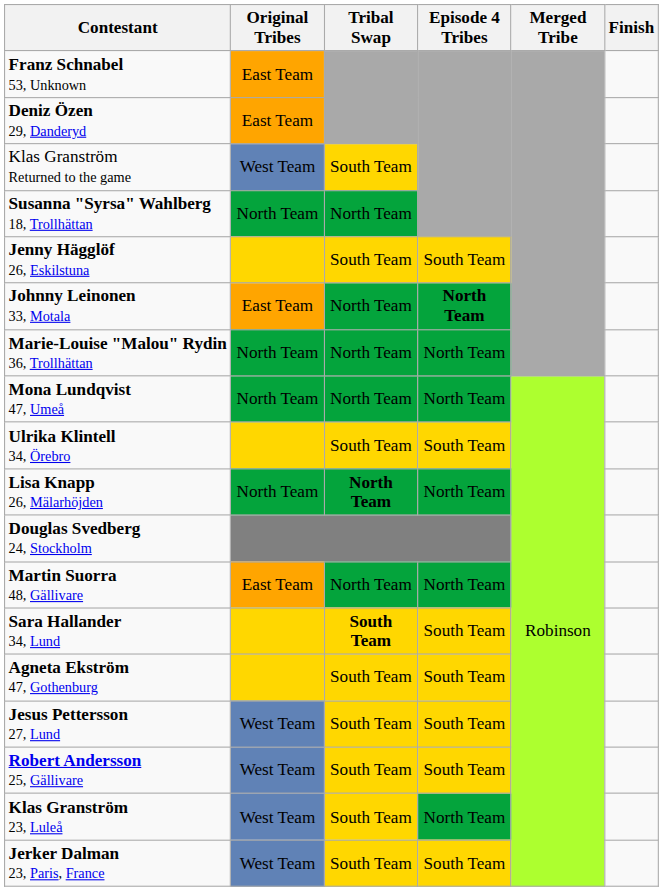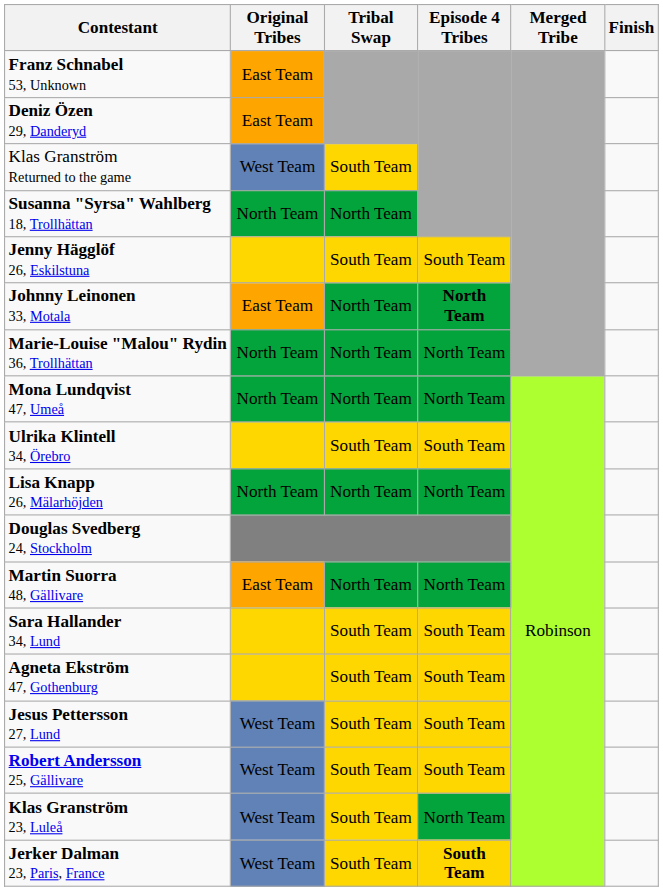 <table class="wikitable sortable" style="margin:auto; text-align:center">
 <tr>
 <th>Contestant</th>
 <th width=80>Original<br>Tribes</th>
 <th width=80>Tribal<br>Swap</th>
 <th width=80>Episode 4<br>Tribes</th>
 <th width=80>Merged<br>Tribe</th>
 <th>Finish</th>
 </tr>
 <tr>
 <td align="left"><strong>Franz Schnabel</strong><br><small>53, Unknown</small></td>
 <td align="center" bgcolor="orange">East Team</td>
 <td bgcolor="darkgray" rowspan="2"></td>
 <td bgcolor="darkgray" rowspan="4"></td>
 <td bgcolor="darkgray" rowspan="7"></td>
 <td></td>
 </tr>
 <tr>
 <td align="left"><strong>Deniz Özen</strong><br><small>29, <a href='#'>Danderyd</a></small></td>
 <td align="center" bgcolor="orange">East Team</td>
 <td></td>
 </tr>
 <tr>
 <td align="left">Klas Granström<br><small>Returned to the game</small></td>
 <td align="center" bgcolor="#6082B6">West Team</td>
 <td align="center" bgcolor="gold">South Team</td>
 <td></td>
 </tr>
 <tr>
 <td align="left"><strong>Susanna "Syrsa" Wahlberg</strong><br><small>18, <a href='#'>Trollhättan</a></small></td>
 <td align="center" bgcolor="#04a43c">North Team</td>
 <td align="center" bgcolor="#04a43c">North Team</td>
 <td></td>
 </tr>
 <tr>
 <td align="left"><strong>Jenny Hägglöf</strong><br><small>26, <a href='#'>Eskilstuna</a></small></td>
 <td align="center" bgcolor="gold"></td>
 <td align="center" bgcolor="gold">South Team</td>
 <td align="center" bgcolor="gold">South Team</td>
 <td></td>
 </tr>
 <tr>
 <td align="left"><strong>Johnny Leinonen</strong><br><small>33, <a href='#'>Motala</a></small></td>
 <td align="center" bgcolor="orange">East Team</td>
 <td align="center" bgcolor="#04a43c">North Team</td>
 <td align="center" bgcolor="#04a43c"><strong>North Team</strong></td>
 <td></td>
 </tr>
 <tr>
 <td align="left"><strong>Marie-Louise "Malou" Rydin</strong><br><small>36, <a href='#'>Trollhättan</a></small></td>
 <td align="center" bgcolor="#04a43c">North Team</td>
 <td align="center" bgcolor="#04a43c">North Team</td>
 <td align="center" bgcolor="#04a43c">North Team</td>
 <td></td>
 </tr>
 <tr>
 <td align="left"><strong>Mona Lundqvist</strong><br><small>47, <a href='#'>Umeå</a></small></td>
 <td align="center" bgcolor="#04a43c">North Team</td>
 <td align="center" bgcolor="#04a43c">North Team</td>
 <td align="center" bgcolor="#04a43c">North Team</td>
 <td align="center" bgcolor="#ADFF2F" rowspan=11>Robinson</td>
 <td></td>
 </tr>
 <tr>
 <td align="left"><strong>Ulrika Klintell</strong><br><small>34, <a href='#'>Örebro</a></small></td>
 <td align="center" bgcolor="gold"></td>
 <td align="center" bgcolor="gold">South Team</td>
 <td align="center" bgcolor="gold">South Team</td>
 <td></td>
 </tr>
 <tr>
 <td align="left"><strong>Lisa Knapp</strong><br><small>26, <a href='#'>Mälarhöjden</a></small></td>
 <td align="center" bgcolor="#04a43c">North Team</td>
-<td align="center" bgcolor="#04a43c"><strong>North Team</strong></td>
+<td align="center" bgcolor="#04a43c">North Team</td>
 <td align="center" bgcolor="#04a43c">North Team</td>
 <td></td>
 </tr>
 <tr>
 <td align="left"><strong>Douglas Svedberg</strong><br><small>24, <a href='#'>Stockholm</a></small></td>
 <td align="center" bgcolor="gray" colspan=3></td>
 <td></td>
 </tr>
 <tr>
 <td align="left"><strong>Martin Suorra</strong><br><small>48, <a href='#'>Gällivare</a></small></td>
 <td align="center" bgcolor="orange">East Team</td>
 <td align="center" bgcolor="#04a43c">North Team</td>
 <td align="center" bgcolor="#04a43c">North Team</td>
 <td></td>
 </tr>
 <tr>
 <td align="left"><strong>Sara Hallander</strong><br><small>34, <a href='#'>Lund</a></small></td>
 <td align="center" bgcolor="gold"></td>
-<td align="center" bgcolor="gold"><strong>South Team</strong></td>
+<td align="center" bgcolor="gold">South Team</td>
 <td align="center" bgcolor="gold">South Team</td>
 <td></td>
 </tr>
 <tr>
 <td align="left"><strong>Agneta Ekström</strong><br><small>47, <a href='#'>Gothenburg</a></small></td>
 <td align="center" bgcolor="gold"></td>
 <td align="center" bgcolor="gold">South Team</td>
 <td align="center" bgcolor="gold">South Team</td>
 <td></td>
 </tr>
 <tr>
 <td align="left"><strong>Jesus Pettersson</strong><br><small>27, <a href='#'>Lund</a></small></td>
 <td align="center" bgcolor="#6082B6">West Team</td>
 <td align="center" bgcolor="gold">South Team</td>
 <td align="center" bgcolor="gold">South Team</td>
 <td></td>
 </tr>
 <tr>
 <td align="left"><strong><a href='#'>Robert Andersson</a></strong><br><small>25, <a href='#'>Gällivare</a></small></td>
 <td align="center" bgcolor="#6082B6">West Team</td>
 <td align="center" bgcolor="gold">South Team</td>
 <td align="center" bgcolor="gold">South Team</td>
 <td></td>
 </tr>
 <tr>
 <td align="left"><strong>Klas Granström</strong><br><small>23, <a href='#'>Luleå</a></small></td>
 <td align="center" bgcolor="#6082B6">West Team</td>
 <td align="center" bgcolor="gold">South Team</td>
 <td align="center" bgcolor="#04a43c">North Team</td>
 <td></td>
 </tr>
 <tr>
 <td align="left"><strong>Jerker Dalman</strong><br><small>23, <a href='#'>Paris</a>, <a href='#'>France</a></small></td>
 <td align="center" bgcolor="#6082B6">West Team</td>
 <td align="center" bgcolor="gold">South Team</td>
-<td align="center" bgcolor="gold">South Team</td>
+<td align="center" bgcolor="gold"><strong>South Team</strong></td>
 <td></td>
 </tr>
 </table>
